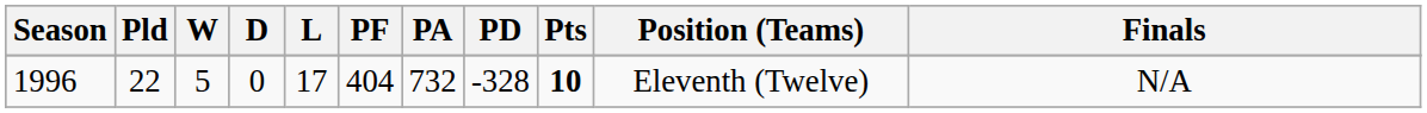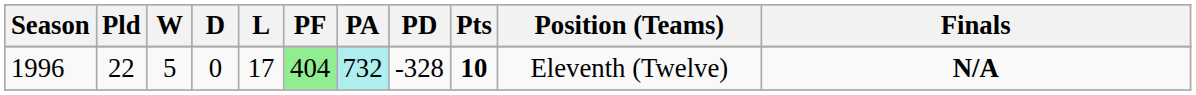 <table class="wikitable" style="text-align:center;">
 <tr>
 <th width=30>Season</th>
 <th width=20 abbr="Played">Pld</th>
 <th width=20 abbr="Won">W</th>
 <th width=20 abbr="Drawn">D</th>
 <th width=20 abbr="Lost">L</th>
 <th width=20 abbr="Points for">PF</th>
 <th width=20 abbr="Points against">PA</th>
 <th width=20 abbr="Points difference">PD</th>
 <th width=20 abbr="Points">Pts</th>
 <th width=150>Position (Teams)</th>
 <th width=250>Finals</th>
 </tr>
 <tr>
 </tr>
 <tr>
 <td style="text-align:left;">1996</td>
 <td>22</td>
 <td>5</td>
 <td>0</td>
 <td>17</td>
-<td>404</td>
-<td>732</td>
+<td style="background: lightgreen;">404</td>
+<td style="background: paleturquoise;">732</td>
 <td>-328</td>
 <td><strong>10</strong></td>
 <td>Eleventh (Twelve)</td>
-<td>N/A</td>
+<td><strong>N/A</strong></td>
 </tr>
 </table>
